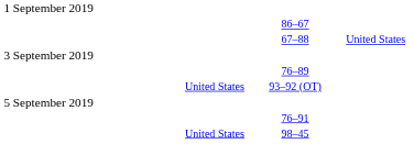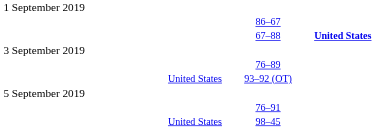 <table style="width:100%;" cellspacing="1">
 <tr>
 <th width=25%></th>
 <th width=2%></th>
 <th width=6%></th>
 <th width=2%></th>
 <th width=25%></th>
 </tr>
 <tr>
 <td>1 September 2019</td>
 </tr>
 <tr style=font-size:90%>
 <td align=right></td>
 <td></td>
 <td align=center><a href='#'>86–67</a></td>
 <td></td>
 <td></td>
 <td></td>
 </tr>
 <tr style=font-size:90%>
 <td align=right></td>
 <td></td>
 <td align=center><a href='#'>67–88</a></td>
 <td></td>
-<td> <a href='#'>United States</a></td>
+<td><strong> <a href='#'>United States</a></strong></td>
 <td></td>
 </tr>
 <tr>
 <td>3 September 2019</td>
 </tr>
 <tr style=font-size:90%>
 <td align=right></td>
 <td></td>
 <td align=center><a href='#'>76–89</a></td>
 <td></td>
 <td></td>
 <td></td>
 </tr>
 <tr style=font-size:90%>
 <td align=right><a href='#'>United States</a> </td>
 <td></td>
 <td align=center><a href='#'>93–92 (OT)</a></td>
 <td></td>
 <td></td>
 <td></td>
 </tr>
 <tr>
 <td>5 September 2019</td>
 </tr>
 <tr style=font-size:90%>
 <td align=right></td>
 <td></td>
 <td align=center><a href='#'>76–91</a></td>
 <td></td>
 <td></td>
 <td></td>
 </tr>
 <tr style=font-size:90%>
 <td align=right><a href='#'>United States</a> </td>
 <td></td>
 <td align=center><a href='#'>98–45</a></td>
 <td></td>
 <td></td>
 <td></td>
 </tr>
 </table>
